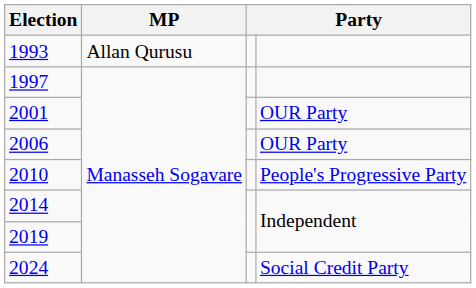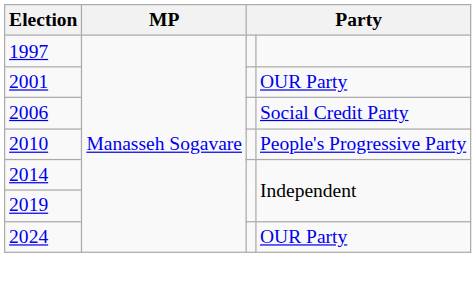 <table class="wikitable sortable">
 <tr>
 <th>Election</th>
 <th>MP</th>
 <th colspan=2>Party</th>
-</tr>
-<tr>
-<td><a href='#'>1993</a></td>
-<td>Allan Qurusu</td>
-<td></td>
-<td></td>
 </tr>
 <tr>
 <td><a href='#'>1997</a></td>
 <td rowspan="7"><a href='#'>Manasseh Sogavare</a></td>
 <td></td>
 <td></td>
 </tr>
 <tr>
 <td><a href='#'>2001</a></td>
 <td bgcolor=></td>
 <td><a href='#'>OUR Party</a></td>
 </tr>
 <tr>
 <td><a href='#'>2006</a></td>
 <td></td>
-<td><a href='#'>OUR Party</a></td>
+<td><a href='#'>Social Credit Party</a></td>
 </tr>
 <tr>
 <td><a href='#'>2010</a></td>
 <td></td>
 <td><a href='#'>People's Progressive Party</a></td>
 </tr>
 <tr>
 <td><a href='#'>2014</a></td>
 <td rowspan=2></td>
 <td rowspan=2>Independent</td>
 </tr>
 <tr>
 <td><a href='#'>2019</a></td>
 </tr>
 <tr>
 <td><a href='#'>2024</a></td>
 <td></td>
-<td><a href='#'>Social Credit Party</a></td>
+<td><a href='#'>OUR Party</a></td>
 </tr>
 </table>
